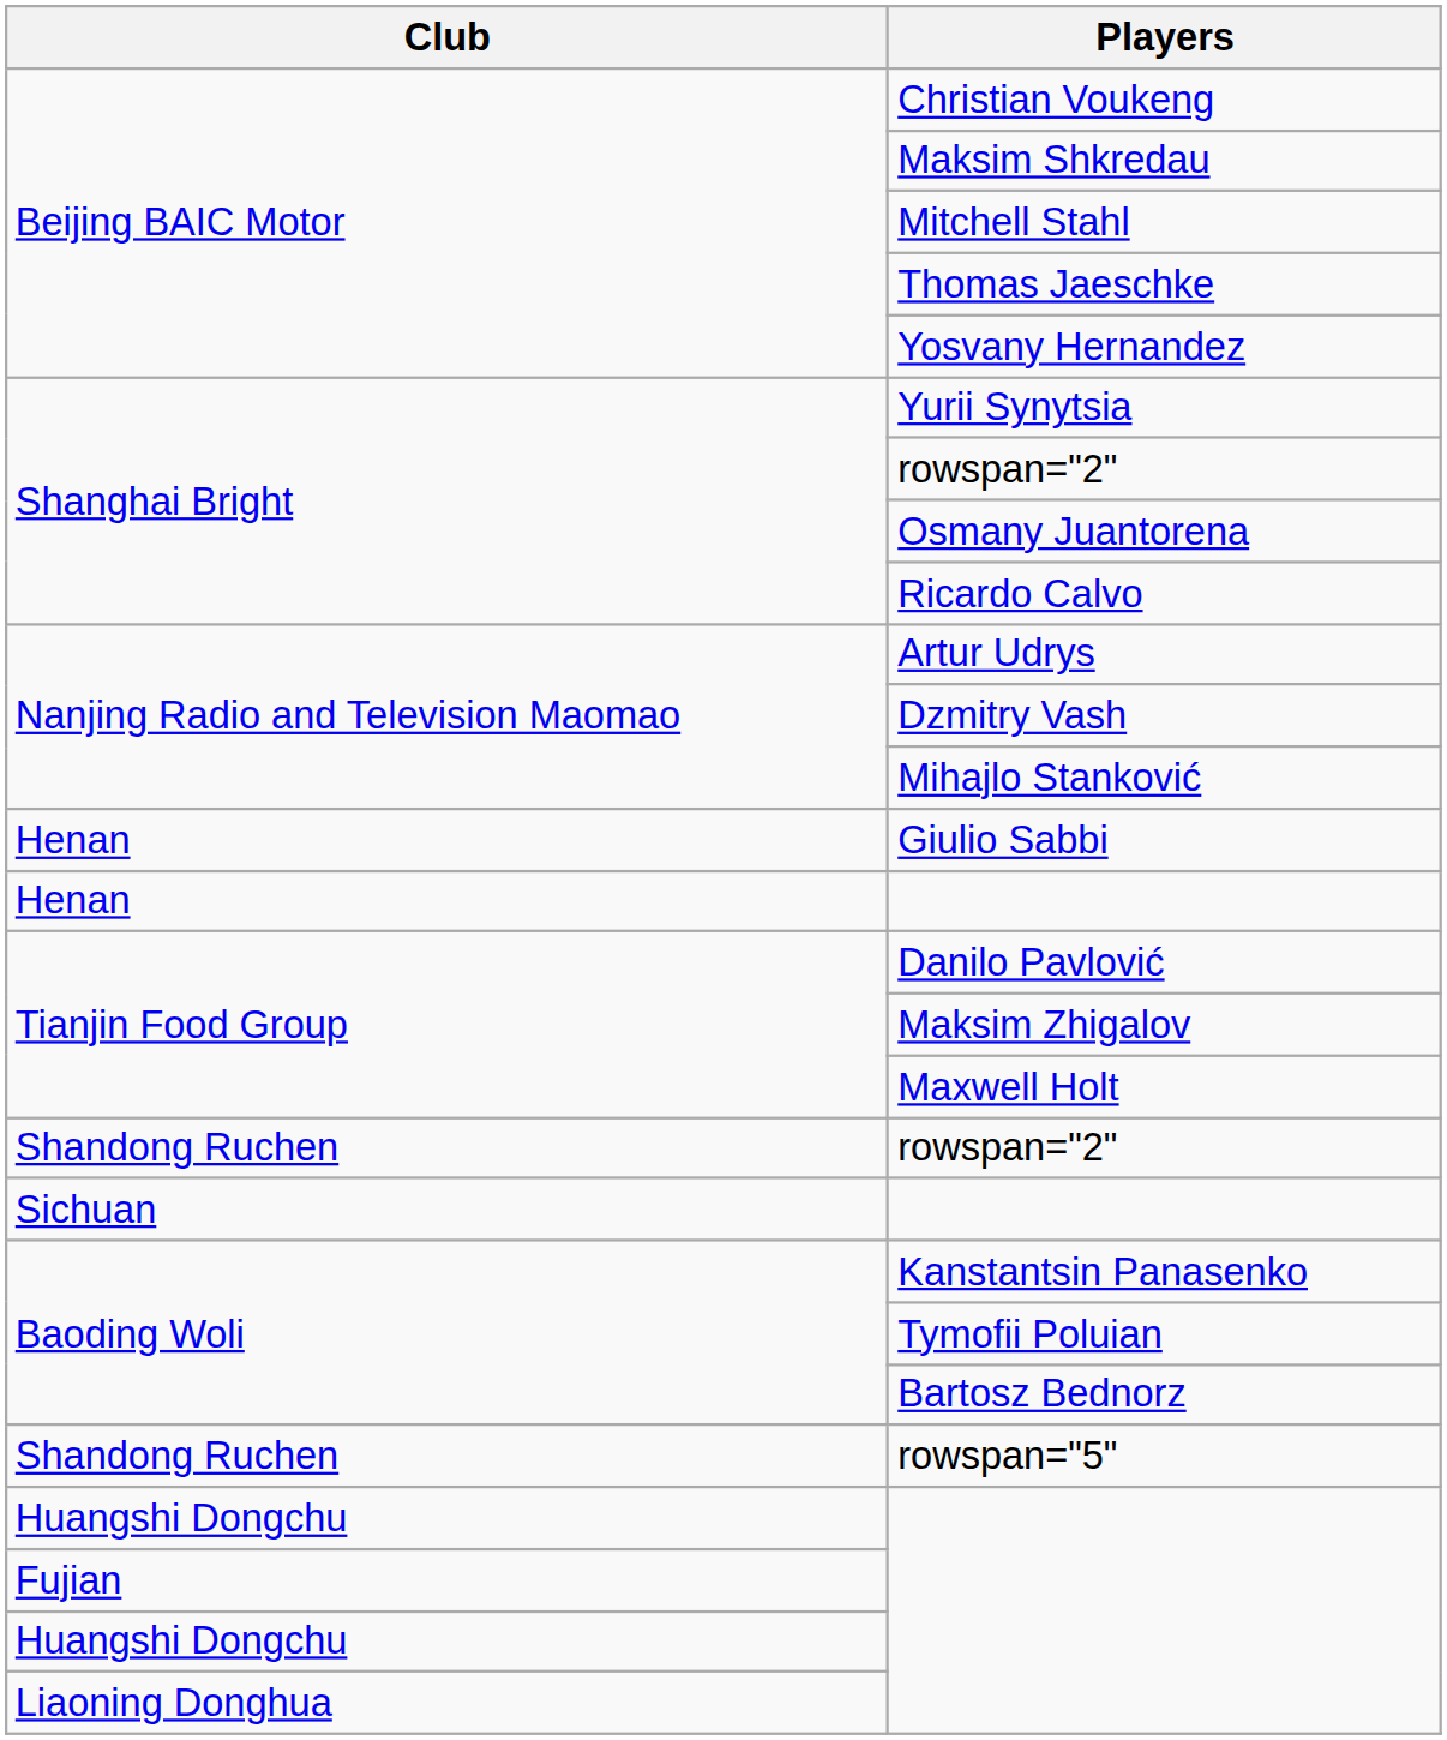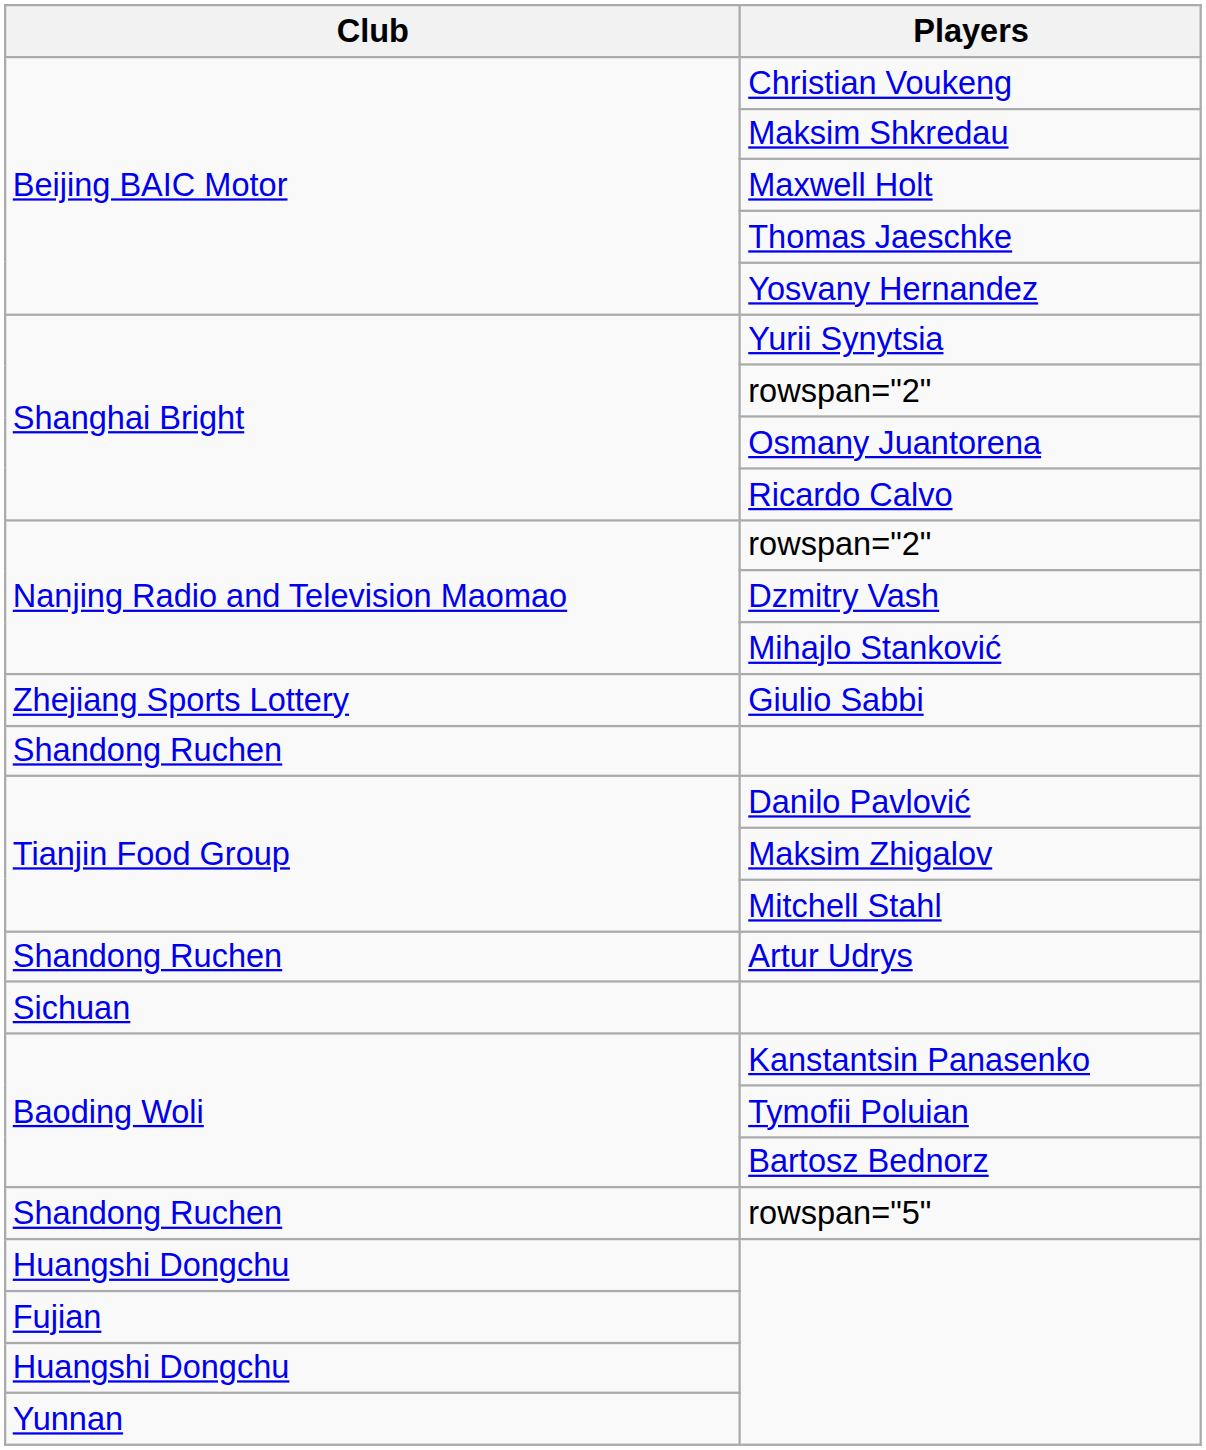 <table class="wikitable" style="font-size:90%; width:60%; text-align:left">
 <tr>
 <th>Club</th>
 <th>Players</th>
 </tr>
 <tr>
 <td rowspan="5"><a href='#'>Beijing BAIC Motor</a></td>
 <td> <a href='#'>Christian Voukeng</a></td>
 </tr>
 <tr>
 <td> <a href='#'>Maksim Shkredau</a></td>
 </tr>
 <tr>
-<td> <a href='#'>Mitchell Stahl</a></td>
+<td> <a href='#'>Maxwell Holt</a></td>
 </tr>
 <tr>
 <td> <a href='#'>Thomas Jaeschke</a></td>
 </tr>
 <tr>
 <td> <a href='#'>Yosvany Hernandez</a></td>
 </tr>
 <tr>
 <td rowspan="4"><a href='#'>Shanghai Bright</a></td>
 <td> <a href='#'>Yurii Synytsia</a></td>
 </tr>
 <tr>
 <td>rowspan="2" </td>
 </tr>
 <tr>
 <td> <a href='#'>Osmany Juantorena</a></td>
 </tr>
 <tr>
 <td> <a href='#'>Ricardo Calvo</a></td>
 </tr>
 <tr>
 <td rowspan="3"><a href='#'>Nanjing Radio and Television Maomao</a></td>
-<td> <a href='#'>Artur Udrys</a></td>
+<td>rowspan="2" </td>
 </tr>
 <tr>
 <td> <a href='#'>Dzmitry Vash</a></td>
 </tr>
 <tr>
 <td> <a href='#'>Mihajlo Stanković</a></td>
 </tr>
 <tr>
-<td rowspan=""><a href='#'>Henan</a></td>
+<td><a href='#'>Zhejiang Sports Lottery</a></td>
 <td> <a href='#'>Giulio Sabbi</a></td>
 </tr>
 <tr>
-<td rowspan=""><a href='#'>Henan</a></td>
+<td><a href='#'>Shandong Ruchen</a></td>
 </tr>
 <tr>
 <td rowspan="3"><a href='#'>Tianjin Food Group</a></td>
 <td> <a href='#'>Danilo Pavlović</a></td>
 </tr>
 <tr>
 <td> <a href='#'>Maksim Zhigalov</a></td>
 </tr>
 <tr>
-<td> <a href='#'>Maxwell Holt</a></td>
+<td> <a href='#'>Mitchell Stahl</a></td>
 </tr>
 <tr>
 <td><a href='#'>Shandong Ruchen</a></td>
-<td>rowspan="2" </td>
+<td> <a href='#'>Artur Udrys</a></td>
 </tr>
 <tr>
 <td rowspan=""><a href='#'>Sichuan</a></td>
 </tr>
 <tr>
 <td rowspan="3"><a href='#'>Baoding Woli</a></td>
 <td> <a href='#'>Kanstantsin Panasenko</a></td>
 </tr>
 <tr>
 <td> <a href='#'>Tymofii Poluian</a></td>
 </tr>
 <tr>
 <td> <a href='#'>Bartosz Bednorz</a></td>
 </tr>
 <tr>
 <td><a href='#'>Shandong Ruchen</a></td>
 <td>rowspan="5" </td>
 </tr>
 <tr>
 <td><a href='#'>Huangshi Dongchu</a></td>
 </tr>
 <tr>
 <td><a href='#'>Fujian</a></td>
 </tr>
 <tr>
 <td><a href='#'>Huangshi Dongchu</a></td>
 </tr>
 <tr>
-<td><a href='#'>Liaoning Donghua</a></td>
+<td><a href='#'>Yunnan</a></td>
 </tr>
 </table>
